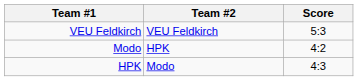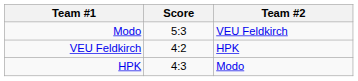 <table class="wikitable" style="text-align: center;">
 <tr>
 <th width=22%>Team #1</th>
+<th width=11%>Score</th>
 <th width=22%>Team #2</th>
-<th width=11%>Score</th>
+</tr>
+<tr>
+<td style="text-align: right;"><a href='#'>Modo</a> </td>
+<td>5:3</td>
+<td style="text-align: left;"> <a href='#'>VEU Feldkirch</a></td>
 </tr>
 <tr>
 <td style="text-align: right;"><a href='#'>VEU Feldkirch</a> </td>
-<td style="text-align: left;"> <a href='#'>VEU Feldkirch</a></td>
-<td>5:3</td>
-</tr>
-<tr>
-<td style="text-align: right;"><a href='#'>Modo</a> </td>
+<td>4:2</td>
 <td style="text-align: left;"> <a href='#'>HPK</a></td>
-<td>4:2</td>
 </tr>
 <tr>
 <td style="text-align: right;"><a href='#'>HPK</a> </td>
+<td>4:3</td>
 <td style="text-align: left;"> <a href='#'>Modo</a></td>
-<td>4:3</td>
 </tr>
 </table>
